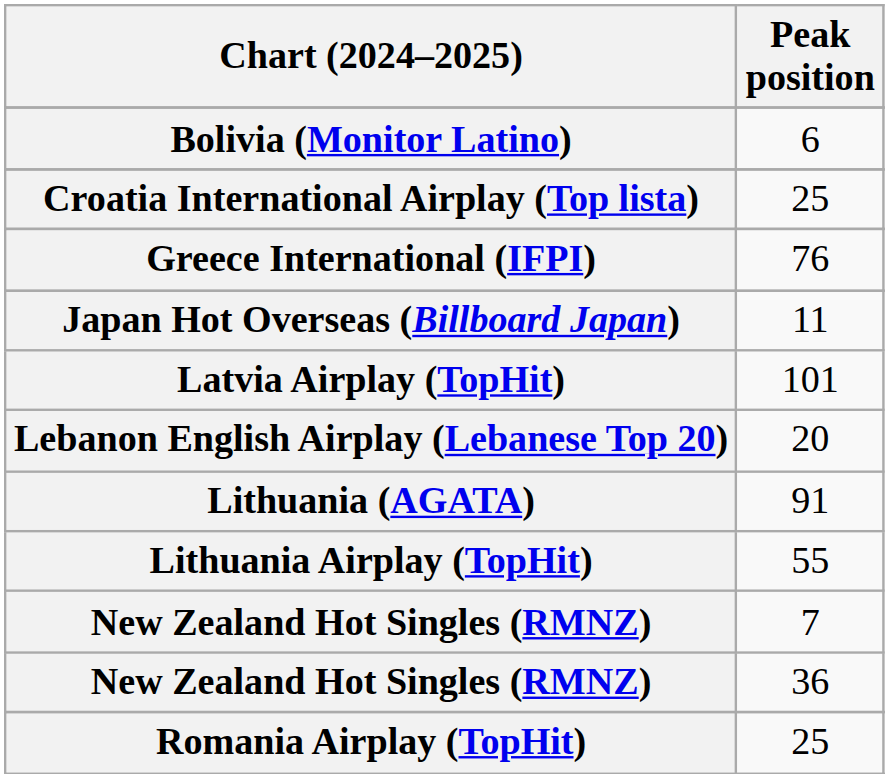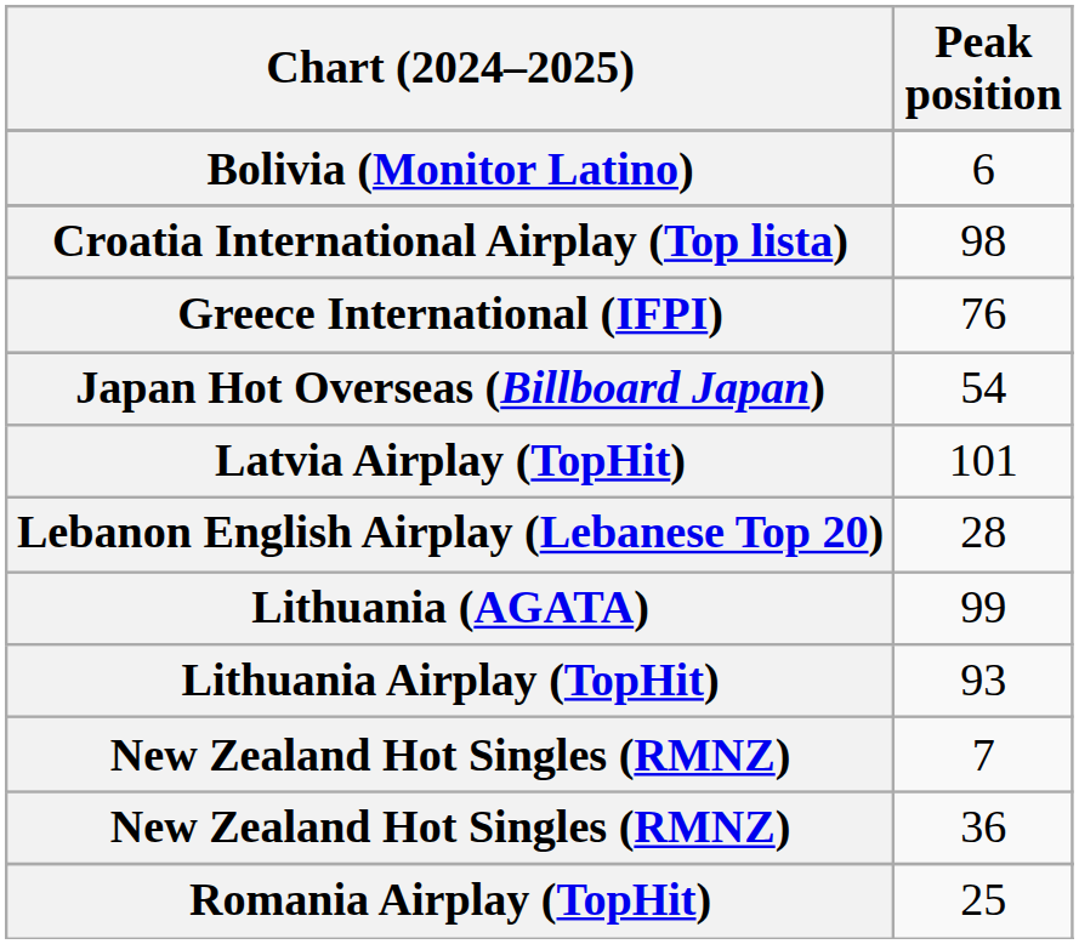 <table class="wikitable sortable plainrowheaders" style="text-align:center">
 <tr>
 <th scope="col">Chart (2024–2025)</th>
 <th scope="col">Peak<br>position</th>
 </tr>
 <tr>
 </tr>
 <tr>
 </tr>
 <tr>
 <th scope="row">Bolivia (<a href='#'>Monitor Latino</a>)</th>
 <td>6</td>
 </tr>
 <tr>
 </tr>
 <tr>
 <th scope="row">Croatia International Airplay (<a href='#'>Top lista</a>)<br></th>
-<td>25</td>
+<td>98</td>
 </tr>
 <tr>
 </tr>
 <tr>
 </tr>
 <tr>
 </tr>
 <tr>
 <th scope="row">Greece International (<a href='#'>IFPI</a>)</th>
 <td>76</td>
 </tr>
 <tr>
 </tr>
 <tr>
 <th scope="row">Japan Hot Overseas (<em><a href='#'>Billboard Japan</a></em>)</th>
-<td>11</td>
+<td>54</td>
 </tr>
 <tr>
 <th scope="row">Latvia Airplay (<a href='#'>TopHit</a>)</th>
 <td>101</td>
 </tr>
 <tr>
 <th scope="row">Lebanon English Airplay (<a href='#'>Lebanese Top 20</a>)</th>
-<td>20</td>
+<td>28</td>
 </tr>
 <tr>
 <th scope="row">Lithuania (<a href='#'>AGATA</a>)</th>
-<td>91</td>
+<td>99</td>
 </tr>
 <tr>
 <th scope="row">Lithuania Airplay (<a href='#'>TopHit</a>)</th>
-<td>55</td>
+<td>93</td>
 </tr>
 <tr>
 <th scope="row">New Zealand Hot Singles (<a href='#'>RMNZ</a>)</th>
 <td>7</td>
 </tr>
 <tr>
 <th scope="row">New Zealand Hot Singles (<a href='#'>RMNZ</a>)<br></th>
 <td>36</td>
 </tr>
 <tr>
 </tr>
 <tr>
 </tr>
 <tr>
 <th scope="row">Romania Airplay (<a href='#'>TopHit</a>)</th>
 <td>25</td>
 </tr>
 <tr>
 </tr>
 <tr>
 </tr>
 <tr>
 </tr>
 <tr>
 </tr>
 </table>
